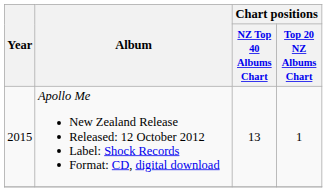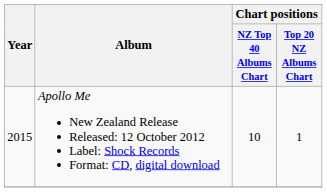 <table class="wikitable">
 <tr>
 <th style="width:18px;" rowspan="2">Year</th>
 <th style="width:245px;" rowspan="2">Album</th>
 <th colspan="2">Chart positions</th>
 </tr>
 <tr>
 <th style="width:50px;"><small><a href='#'>NZ Top 40 Albums Chart</a></small></th>
 <th style="width:50px;"><small><a href='#'>Top 20 NZ Albums Chart</a></small></th>
 </tr>
 <tr>
 <td>2015</td>
 <td><em>Apollo Me</em><br><ul><li>New Zealand Release</li><li>Released: 12 October 2012</li><li>Label: <a href='#'>Shock Records</a></li><li>Format: <a href='#'>CD</a>, <a href='#'>digital download</a></li></ul></td>
-<td style="text-align:center;">13</td>
+<td style="text-align:center;">10</td>
 <td style="text-align:center;">1</td>
 </tr>
 <tr>
 </tr>
 </table>
